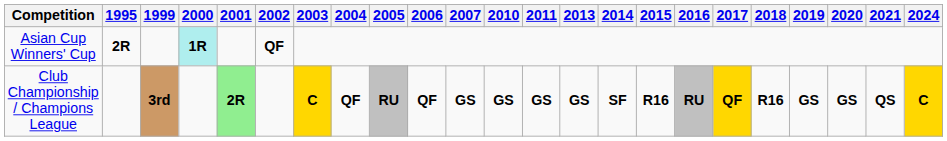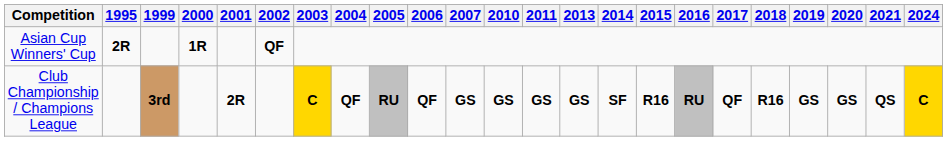 <table width=80% class="wikitable" style="text-align:">
 <tr>
 <th width=20%>Competition</th>
 <th width=5%><a href='#'>1995</a></th>
 <th width=5%><a href='#'>1999</a></th>
 <th width=5%><a href='#'>2000</a></th>
 <th width=5%><a href='#'>2001</a></th>
 <th width=5%><a href='#'>2002</a></th>
 <th width=5%><a href='#'>2003</a></th>
 <th width=5%><a href='#'>2004</a></th>
 <th width=5%><a href='#'>2005</a></th>
 <th width=5%><a href='#'>2006</a></th>
 <th width=5%><a href='#'>2007</a></th>
 <th width=5%><a href='#'>2010</a></th>
 <th width=5%><a href='#'>2011</a></th>
 <th width=5%><a href='#'>2013</a></th>
 <th width=5%><a href='#'>2014</a></th>
 <th width=5%><a href='#'>2015</a></th>
 <th width=5%><a href='#'>2016</a></th>
 <th width=5%><a href='#'>2017</a></th>
 <th width=5%><a href='#'>2018</a></th>
 <th width=5%><a href='#'>2019</a></th>
 <th width=5%><a href='#'>2020</a></th>
 <th width=5%><a href='#'>2021</a></th>
 <th width=5%><a href='#'>2024</a></th>
 </tr>
 <tr align=center>
 <td><a href='#'>Asian Cup Winners' Cup</a></td>
 <td><strong>2R</strong></td>
 <td></td>
-<td style="background: paleturquoise;"><strong>1R</strong></td>
+<td><strong>1R</strong></td>
 <td></td>
 <td><strong>QF</strong></td>
 </tr>
 <tr align=center>
 <td><a href='#'>Club Championship / Champions League</a></td>
 <td></td>
 <td bgcolor=cc9966><strong>3rd</strong></td>
 <td></td>
-<td style="background: lightgreen;"><strong>2R</strong></td>
+<td><strong>2R</strong></td>
 <td></td>
 <td bgcolor=gold><strong>C</strong></td>
 <td><strong>QF</strong></td>
 <td bgcolor=silver><strong>RU</strong></td>
 <td><strong>QF</strong></td>
 <td><strong>GS</strong></td>
 <td><strong>GS</strong></td>
 <td><strong>GS</strong></td>
 <td><strong>GS</strong></td>
 <td><strong>SF</strong></td>
 <td><strong>R16</strong></td>
 <td bgcolor=silver><strong>RU</strong></td>
-<td style="background: gold;"><strong>QF</strong></td>
+<td><strong>QF</strong></td>
 <td><strong>R16</strong></td>
 <td><strong>GS</strong></td>
 <td><strong>GS</strong></td>
 <td><strong>QS</strong></td>
 <td bgcolor=gold><strong>C</strong></td>
 </tr>
 </table>
